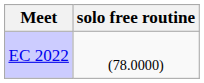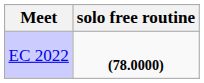 <table class="sortable wikitable">
 <tr>
 <th>Meet</th>
 <th class="unsortable">solo free routine</th>
 </tr>
 <tr>
 <td style="background:#ccccff"><a href='#'>EC 2022</a></td>
-<td align="center"><br><small>(78.0000)</small></td>
+<td align="center"><strong><br><small>(78.0000)</small></strong></td>
 </tr>
 </table>
